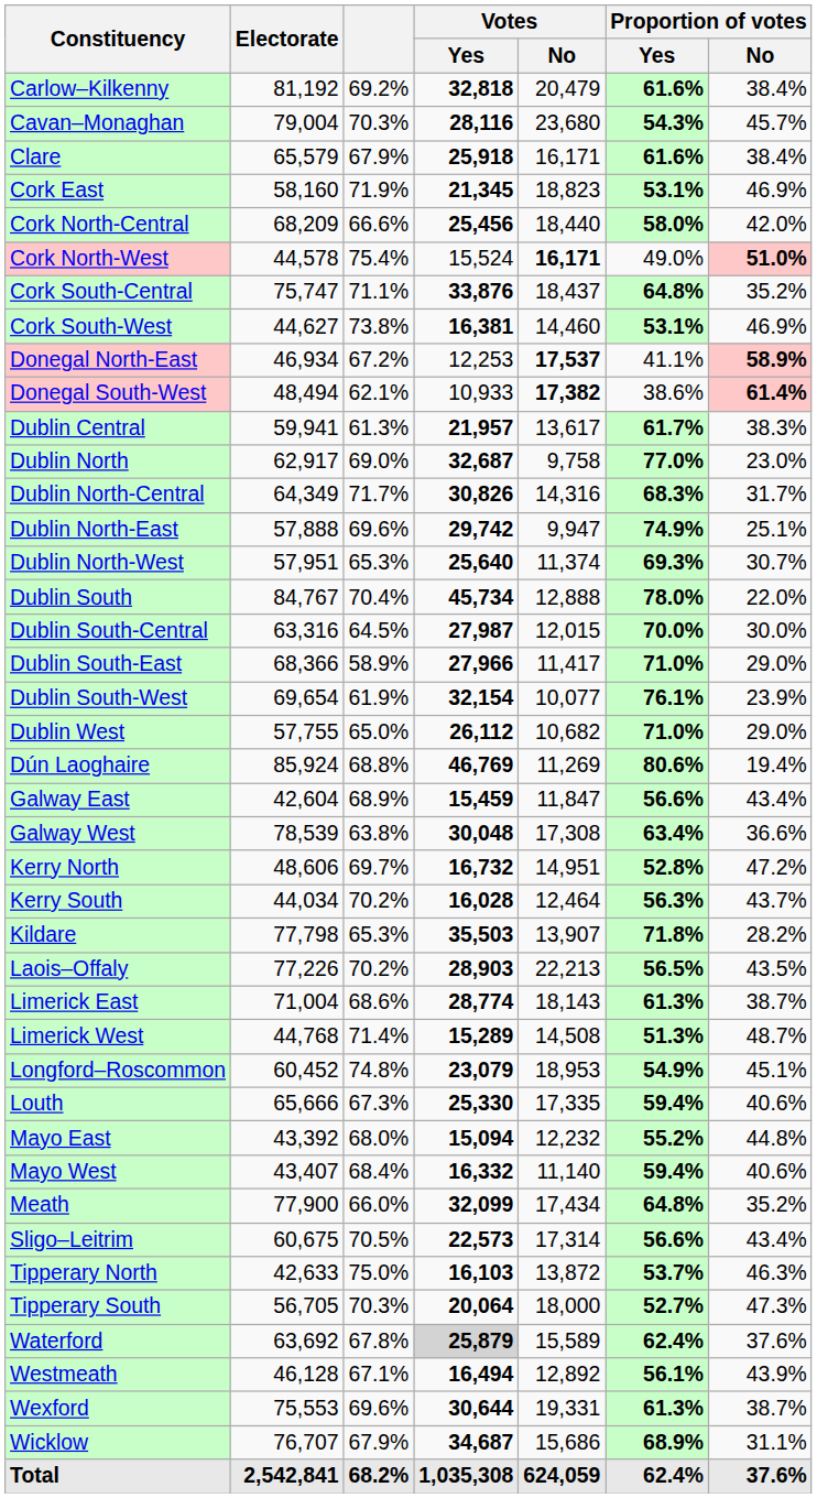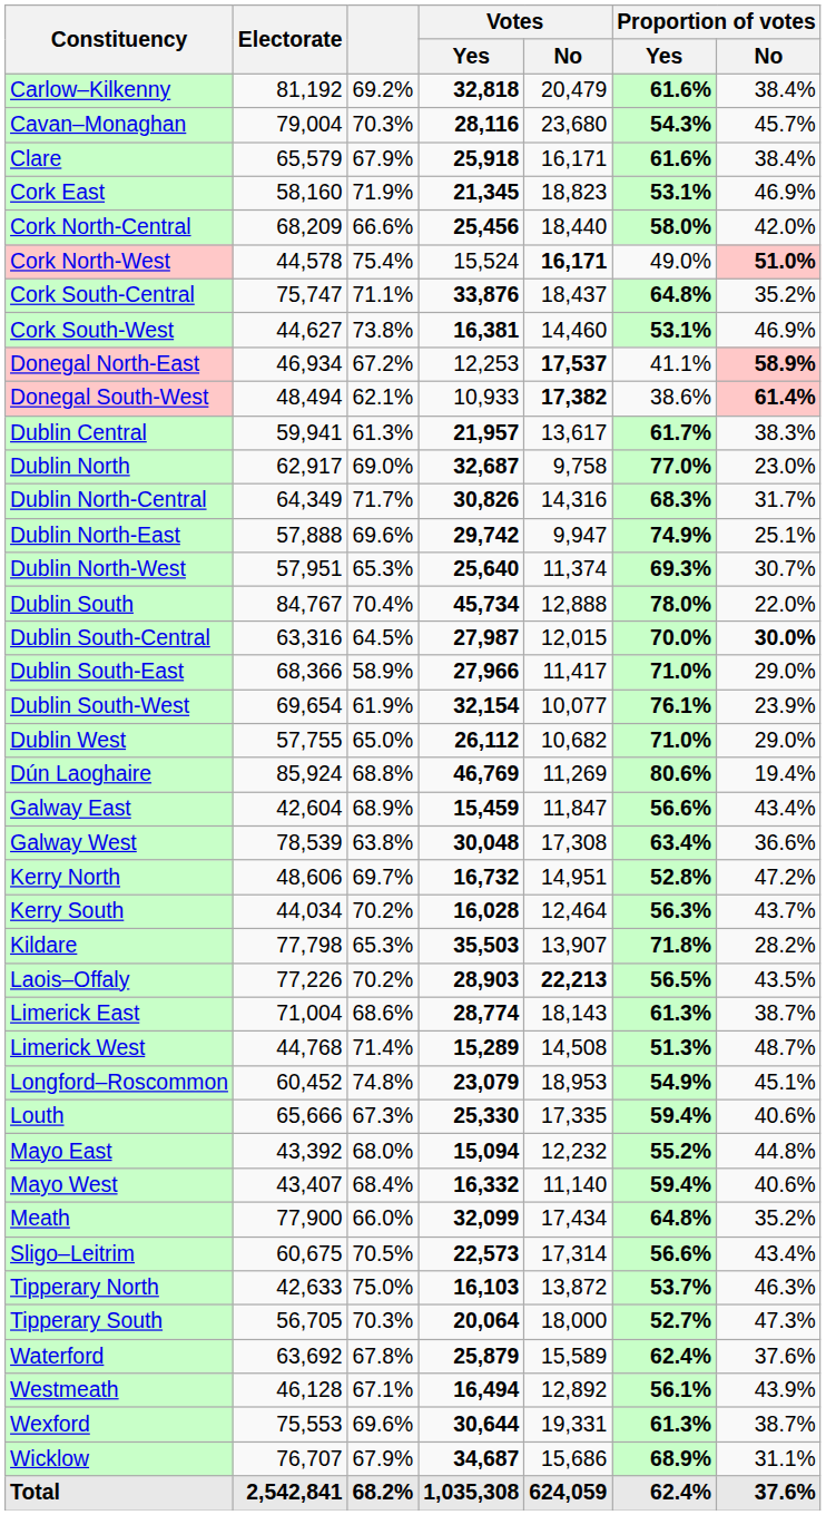 <table class="wikitable sortable">
 <tr>
 <th rowspan=2>Constituency</th>
 <th rowspan=2>Electorate</th>
 <th rowspan=2></th>
 <th colspan=2>Votes</th>
 <th colspan=2>Proportion of votes</th>
 </tr>
 <tr>
 <th>Yes</th>
 <th>No</th>
 <th>Yes</th>
 <th>No</th>
 </tr>
 <tr>
 <td style="background:#c8ffc8;"><a href='#'>Carlow–Kilkenny</a></td>
 <td style="text-align: right;">81,192</td>
 <td style="text-align: right;">69.2%</td>
 <td style="text-align: right;"><strong>32,818</strong></td>
 <td style="text-align: right;">20,479</td>
 <td style="text-align: right; background:#c8ffc8;"><strong>61.6%</strong></td>
 <td style="text-align: right;">38.4%</td>
 </tr>
 <tr>
 <td style="background:#c8ffc8;"><a href='#'>Cavan–Monaghan</a></td>
 <td style="text-align: right;">79,004</td>
 <td style="text-align: right;">70.3%</td>
 <td style="text-align: right;"><strong>28,116</strong></td>
 <td style="text-align: right;">23,680</td>
 <td style="text-align: right; background:#c8ffc8;"><strong>54.3%</strong></td>
 <td style="text-align: right;">45.7%</td>
 </tr>
 <tr>
 <td style="background:#c8ffc8;"><a href='#'>Clare</a></td>
 <td style="text-align: right;">65,579</td>
 <td style="text-align: right;">67.9%</td>
 <td style="text-align: right;"><strong>25,918</strong></td>
 <td style="text-align: right;">16,171</td>
 <td style="text-align: right; background:#c8ffc8;"><strong>61.6%</strong></td>
 <td style="text-align: right;">38.4%</td>
 </tr>
 <tr>
 <td style="background:#c8ffc8;"><a href='#'>Cork East</a></td>
 <td style="text-align: right;">58,160</td>
 <td style="text-align: right;">71.9%</td>
 <td style="text-align: right;"><strong>21,345</strong></td>
 <td style="text-align: right;">18,823</td>
 <td style="text-align: right; background:#c8ffc8;"><strong>53.1%</strong></td>
 <td style="text-align: right;">46.9%</td>
 </tr>
 <tr>
 <td style="background:#c8ffc8;"><a href='#'>Cork North-Central</a></td>
 <td style="text-align: right;">68,209</td>
 <td style="text-align: right;">66.6%</td>
 <td style="text-align: right;"><strong>25,456</strong></td>
 <td style="text-align: right;">18,440</td>
 <td style="text-align: right; background:#c8ffc8;"><strong>58.0%</strong></td>
 <td style="text-align: right;">42.0%</td>
 </tr>
 <tr>
 <td style="background:#ffc8c8;"><a href='#'>Cork North-West</a></td>
 <td style="text-align: right;">44,578</td>
 <td style="text-align: right;">75.4%</td>
 <td style="text-align: right;">15,524</td>
 <td style="text-align: right;"><strong>16,171</strong></td>
 <td style="text-align: right;">49.0%</td>
 <td style="text-align: right; background:#ffc8c8;"><strong>51.0%</strong></td>
 </tr>
 <tr>
 <td style="background:#c8ffc8;"><a href='#'>Cork South-Central</a></td>
 <td style="text-align: right;">75,747</td>
 <td style="text-align: right;">71.1%</td>
 <td style="text-align: right;"><strong>33,876</strong></td>
 <td style="text-align: right;">18,437</td>
 <td style="text-align: right; background:#c8ffc8;"><strong>64.8%</strong></td>
 <td style="text-align: right;">35.2%</td>
 </tr>
 <tr>
 <td style="background:#c8ffc8;"><a href='#'>Cork South-West</a></td>
 <td style="text-align: right;">44,627</td>
 <td style="text-align: right;">73.8%</td>
 <td style="text-align: right;"><strong>16,381</strong></td>
 <td style="text-align: right;">14,460</td>
 <td style="text-align: right; background:#c8ffc8;"><strong>53.1%</strong></td>
 <td style="text-align: right;">46.9%</td>
 </tr>
 <tr>
 <td style="background:#ffc8c8;"><a href='#'>Donegal North-East</a></td>
 <td style="text-align: right;">46,934</td>
 <td style="text-align: right;">67.2%</td>
 <td style="text-align: right;">12,253</td>
 <td style="text-align: right;"><strong>17,537</strong></td>
 <td style="text-align: right;">41.1%</td>
 <td style="text-align: right; background:#ffc8c8;"><strong>58.9%</strong></td>
 </tr>
 <tr>
 <td style="background:#ffc8c8;"><a href='#'>Donegal South-West</a></td>
 <td style="text-align: right;">48,494</td>
 <td style="text-align: right;">62.1%</td>
 <td style="text-align: right;">10,933</td>
 <td style="text-align: right;"><strong>17,382</strong></td>
 <td style="text-align: right;">38.6%</td>
 <td style="text-align: right; background:#ffc8c8;"><strong>61.4%</strong></td>
 </tr>
 <tr>
 <td style="background:#c8ffc8;"><a href='#'>Dublin Central</a></td>
 <td style="text-align: right;">59,941</td>
 <td style="text-align: right;">61.3%</td>
 <td style="text-align: right;"><strong>21,957</strong></td>
 <td style="text-align: right;">13,617</td>
 <td style="text-align: right; background:#c8ffc8;"><strong>61.7%</strong></td>
 <td style="text-align: right;">38.3%</td>
 </tr>
 <tr>
 <td style="background:#c8ffc8;"><a href='#'>Dublin North</a></td>
 <td style="text-align: right;">62,917</td>
 <td style="text-align: right;">69.0%</td>
 <td style="text-align: right;"><strong>32,687</strong></td>
 <td style="text-align: right;">9,758</td>
 <td style="text-align: right; background:#c8ffc8;"><strong>77.0%</strong></td>
 <td style="text-align: right;">23.0%</td>
 </tr>
 <tr>
 <td style="background:#c8ffc8;"><a href='#'>Dublin North-Central</a></td>
 <td style="text-align: right;">64,349</td>
 <td style="text-align: right;">71.7%</td>
 <td style="text-align: right;"><strong>30,826</strong></td>
 <td style="text-align: right;">14,316</td>
 <td style="text-align: right; background:#c8ffc8;"><strong>68.3%</strong></td>
 <td style="text-align: right;">31.7%</td>
 </tr>
 <tr>
 <td style="background:#c8ffc8;"><a href='#'>Dublin North-East</a></td>
 <td style="text-align: right;">57,888</td>
 <td style="text-align: right;">69.6%</td>
 <td style="text-align: right;"><strong>29,742</strong></td>
 <td style="text-align: right;">9,947</td>
 <td style="text-align: right; background:#c8ffc8;"><strong>74.9%</strong></td>
 <td style="text-align: right;">25.1%</td>
 </tr>
 <tr>
 <td style="background:#c8ffc8;"><a href='#'>Dublin North-West</a></td>
 <td style="text-align: right;">57,951</td>
 <td style="text-align: right;">65.3%</td>
 <td style="text-align: right;"><strong>25,640</strong></td>
 <td style="text-align: right;">11,374</td>
 <td style="text-align: right; background:#c8ffc8;"><strong>69.3%</strong></td>
 <td style="text-align: right;">30.7%</td>
 </tr>
 <tr>
 <td style="background:#c8ffc8;"><a href='#'>Dublin South</a></td>
 <td style="text-align: right;">84,767</td>
 <td style="text-align: right;">70.4%</td>
 <td style="text-align: right;"><strong>45,734</strong></td>
 <td style="text-align: right;">12,888</td>
 <td style="text-align: right; background:#c8ffc8;"><strong>78.0%</strong></td>
 <td style="text-align: right;">22.0%</td>
 </tr>
 <tr>
 <td style="background:#c8ffc8;"><a href='#'>Dublin South-Central</a></td>
 <td style="text-align: right;">63,316</td>
 <td style="text-align: right;">64.5%</td>
 <td style="text-align: right;"><strong>27,987</strong></td>
 <td style="text-align: right;">12,015</td>
 <td style="text-align: right; background:#c8ffc8;"><strong>70.0%</strong></td>
-<td style="text-align: right;">30.0%</td>
+<td style="text-align: right;"><strong>30.0%</strong></td>
 </tr>
 <tr>
 <td style="background:#c8ffc8;"><a href='#'>Dublin South-East</a></td>
 <td style="text-align: right;">68,366</td>
 <td style="text-align: right;">58.9%</td>
 <td style="text-align: right;"><strong>27,966</strong></td>
 <td style="text-align: right;">11,417</td>
 <td style="text-align: right; background:#c8ffc8;"><strong>71.0%</strong></td>
 <td style="text-align: right;">29.0%</td>
 </tr>
 <tr>
 <td style="background:#c8ffc8;"><a href='#'>Dublin South-West</a></td>
 <td style="text-align: right;">69,654</td>
 <td style="text-align: right;">61.9%</td>
 <td style="text-align: right;"><strong>32,154</strong></td>
 <td style="text-align: right;">10,077</td>
 <td style="text-align: right; background:#c8ffc8;"><strong>76.1%</strong></td>
 <td style="text-align: right;">23.9%</td>
 </tr>
 <tr>
 <td style="background:#c8ffc8;"><a href='#'>Dublin West</a></td>
 <td style="text-align: right;">57,755</td>
 <td style="text-align: right;">65.0%</td>
 <td style="text-align: right;"><strong>26,112</strong></td>
 <td style="text-align: right;">10,682</td>
 <td style="text-align: right; background:#c8ffc8;"><strong>71.0%</strong></td>
 <td style="text-align: right;">29.0%</td>
 </tr>
 <tr>
 <td style="background:#c8ffc8;"><a href='#'>Dún Laoghaire</a></td>
 <td style="text-align: right;">85,924</td>
 <td style="text-align: right;">68.8%</td>
 <td style="text-align: right;"><strong>46,769</strong></td>
 <td style="text-align: right;">11,269</td>
 <td style="text-align: right; background:#c8ffc8;"><strong>80.6%</strong></td>
 <td style="text-align: right;">19.4%</td>
 </tr>
 <tr>
 <td style="background:#c8ffc8;"><a href='#'>Galway East</a></td>
 <td style="text-align: right;">42,604</td>
 <td style="text-align: right;">68.9%</td>
 <td style="text-align: right;"><strong>15,459</strong></td>
 <td style="text-align: right;">11,847</td>
 <td style="text-align: right; background:#c8ffc8;"><strong>56.6%</strong></td>
 <td style="text-align: right;">43.4%</td>
 </tr>
 <tr>
 <td style="background:#c8ffc8;"><a href='#'>Galway West</a></td>
 <td style="text-align: right;">78,539</td>
 <td style="text-align: right;">63.8%</td>
 <td style="text-align: right;"><strong>30,048</strong></td>
 <td style="text-align: right;">17,308</td>
 <td style="text-align: right; background:#c8ffc8;"><strong>63.4%</strong></td>
 <td style="text-align: right;">36.6%</td>
 </tr>
 <tr>
 <td style="background:#c8ffc8;"><a href='#'>Kerry North</a></td>
 <td style="text-align: right;">48,606</td>
 <td style="text-align: right;">69.7%</td>
 <td style="text-align: right;"><strong>16,732</strong></td>
 <td style="text-align: right;">14,951</td>
 <td style="text-align: right; background:#c8ffc8;"><strong>52.8%</strong></td>
 <td style="text-align: right;">47.2%</td>
 </tr>
 <tr>
 <td style="background:#c8ffc8;"><a href='#'>Kerry South</a></td>
 <td style="text-align: right;">44,034</td>
 <td style="text-align: right;">70.2%</td>
 <td style="text-align: right;"><strong>16,028</strong></td>
 <td style="text-align: right;">12,464</td>
 <td style="text-align: right; background:#c8ffc8;"><strong>56.3%</strong></td>
 <td style="text-align: right;">43.7%</td>
 </tr>
 <tr>
 <td style="background:#c8ffc8;"><a href='#'>Kildare</a></td>
 <td style="text-align: right;">77,798</td>
 <td style="text-align: right;">65.3%</td>
 <td style="text-align: right;"><strong>35,503</strong></td>
 <td style="text-align: right;">13,907</td>
 <td style="text-align: right; background:#c8ffc8;"><strong>71.8%</strong></td>
 <td style="text-align: right;">28.2%</td>
 </tr>
 <tr>
 <td style="background:#c8ffc8;"><a href='#'>Laois–Offaly</a></td>
 <td style="text-align: right;">77,226</td>
 <td style="text-align: right;">70.2%</td>
 <td style="text-align: right;"><strong>28,903</strong></td>
-<td style="text-align: right;">22,213</td>
+<td style="text-align: right;"><strong>22,213</strong></td>
 <td style="text-align: right; background:#c8ffc8;"><strong>56.5%</strong></td>
 <td style="text-align: right;">43.5%</td>
 </tr>
 <tr>
 <td style="background:#c8ffc8;"><a href='#'>Limerick East</a></td>
 <td style="text-align: right;">71,004</td>
 <td style="text-align: right;">68.6%</td>
 <td style="text-align: right;"><strong>28,774</strong></td>
 <td style="text-align: right;">18,143</td>
 <td style="text-align: right; background:#c8ffc8;"><strong>61.3%</strong></td>
 <td style="text-align: right;">38.7%</td>
 </tr>
 <tr>
 <td style="background:#c8ffc8;"><a href='#'>Limerick West</a></td>
 <td style="text-align: right;">44,768</td>
 <td style="text-align: right;">71.4%</td>
 <td style="text-align: right;"><strong>15,289</strong></td>
 <td style="text-align: right;">14,508</td>
 <td style="text-align: right; background:#c8ffc8;"><strong>51.3%</strong></td>
 <td style="text-align: right;">48.7%</td>
 </tr>
 <tr>
 <td style="background:#c8ffc8;"><a href='#'>Longford–Roscommon</a></td>
 <td style="text-align: right;">60,452</td>
 <td style="text-align: right;">74.8%</td>
 <td style="text-align: right;"><strong>23,079</strong></td>
 <td style="text-align: right;">18,953</td>
 <td style="text-align: right; background:#c8ffc8;"><strong>54.9%</strong></td>
 <td style="text-align: right;">45.1%</td>
 </tr>
 <tr>
 <td style="background:#c8ffc8;"><a href='#'>Louth</a></td>
 <td style="text-align: right;">65,666</td>
 <td style="text-align: right;">67.3%</td>
 <td style="text-align: right;"><strong>25,330</strong></td>
 <td style="text-align: right;">17,335</td>
 <td style="text-align: right; background:#c8ffc8;"><strong>59.4%</strong></td>
 <td style="text-align: right;">40.6%</td>
 </tr>
 <tr>
 <td style="background:#c8ffc8;"><a href='#'>Mayo East</a></td>
 <td style="text-align: right;">43,392</td>
 <td style="text-align: right;">68.0%</td>
 <td style="text-align: right;"><strong>15,094</strong></td>
 <td style="text-align: right;">12,232</td>
 <td style="text-align: right; background:#c8ffc8;"><strong>55.2%</strong></td>
 <td style="text-align: right;">44.8%</td>
 </tr>
 <tr>
 <td style="background:#c8ffc8;"><a href='#'>Mayo West</a></td>
 <td style="text-align: right;">43,407</td>
 <td style="text-align: right;">68.4%</td>
 <td style="text-align: right;"><strong>16,332</strong></td>
 <td style="text-align: right;">11,140</td>
 <td style="text-align: right; background:#c8ffc8;"><strong>59.4%</strong></td>
 <td style="text-align: right;">40.6%</td>
 </tr>
 <tr>
 <td style="background:#c8ffc8;"><a href='#'>Meath</a></td>
 <td style="text-align: right;">77,900</td>
 <td style="text-align: right;">66.0%</td>
 <td style="text-align: right;"><strong>32,099</strong></td>
 <td style="text-align: right;">17,434</td>
 <td style="text-align: right; background:#c8ffc8;"><strong>64.8%</strong></td>
 <td style="text-align: right;">35.2%</td>
 </tr>
 <tr>
 <td style="background:#c8ffc8;"><a href='#'>Sligo–Leitrim</a></td>
 <td style="text-align: right;">60,675</td>
 <td style="text-align: right;">70.5%</td>
 <td style="text-align: right;"><strong>22,573</strong></td>
 <td style="text-align: right;">17,314</td>
 <td style="text-align: right; background:#c8ffc8;"><strong>56.6%</strong></td>
 <td style="text-align: right;">43.4%</td>
 </tr>
 <tr>
 <td style="background:#c8ffc8;"><a href='#'>Tipperary North</a></td>
 <td style="text-align: right;">42,633</td>
 <td style="text-align: right;">75.0%</td>
 <td style="text-align: right;"><strong>16,103</strong></td>
 <td style="text-align: right;">13,872</td>
 <td style="text-align: right; background:#c8ffc8;"><strong>53.7%</strong></td>
 <td style="text-align: right;">46.3%</td>
 </tr>
 <tr>
 <td style="background:#c8ffc8;"><a href='#'>Tipperary South</a></td>
 <td style="text-align: right;">56,705</td>
 <td style="text-align: right;">70.3%</td>
 <td style="text-align: right;"><strong>20,064</strong></td>
 <td style="text-align: right;">18,000</td>
 <td style="text-align: right; background:#c8ffc8;"><strong>52.7%</strong></td>
 <td style="text-align: right;">47.3%</td>
 </tr>
 <tr>
 <td style="background:#c8ffc8;"><a href='#'>Waterford</a></td>
 <td style="text-align: right;">63,692</td>
 <td style="text-align: right;">67.8%</td>
-<td style="background: lightgrey; text-align: right;"><strong>25,879</strong></td>
+<td style="text-align: right;"><strong>25,879</strong></td>
 <td style="text-align: right;">15,589</td>
 <td style="text-align: right; background:#c8ffc8;"><strong>62.4%</strong></td>
 <td style="text-align: right;">37.6%</td>
 </tr>
 <tr>
 <td style="background:#c8ffc8;"><a href='#'>Westmeath</a></td>
 <td style="text-align: right;">46,128</td>
 <td style="text-align: right;">67.1%</td>
 <td style="text-align: right;"><strong>16,494</strong></td>
 <td style="text-align: right;">12,892</td>
 <td style="text-align: right; background:#c8ffc8;"><strong>56.1%</strong></td>
 <td style="text-align: right;">43.9%</td>
 </tr>
 <tr>
 <td style="background:#c8ffc8;"><a href='#'>Wexford</a></td>
 <td style="text-align: right;">75,553</td>
 <td style="text-align: right;">69.6%</td>
 <td style="text-align: right;"><strong>30,644</strong></td>
 <td style="text-align: right;">19,331</td>
 <td style="text-align: right; background:#c8ffc8;"><strong>61.3%</strong></td>
 <td style="text-align: right;">38.7%</td>
 </tr>
 <tr>
 <td style="background:#c8ffc8;"><a href='#'>Wicklow</a></td>
 <td style="text-align: right;">76,707</td>
 <td style="text-align: right;">67.9%</td>
 <td style="text-align: right;"><strong>34,687</strong></td>
 <td style="text-align: right;">15,686</td>
 <td style="text-align: right; background:#c8ffc8;"><strong>68.9%</strong></td>
 <td style="text-align: right;">31.1%</td>
 </tr>
 <tr class="sortbottom" style="font-weight:bold; background:rgb(232,232,232);">
 <td>Total</td>
 <td style="text-align: right;">2,542,841</td>
 <td style="text-align: right;">68.2%</td>
 <td style="text-align: right;">1,035,308</td>
 <td style="text-align: right;">624,059</td>
 <td style="text-align: right;">62.4%</td>
 <td style="text-align: right;">37.6%</td>
 </tr>
 </table>
